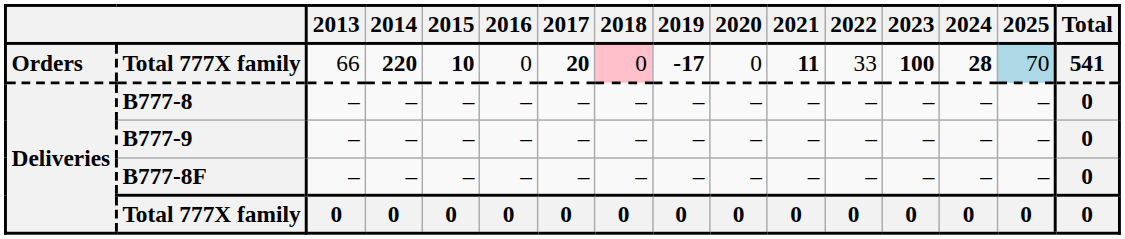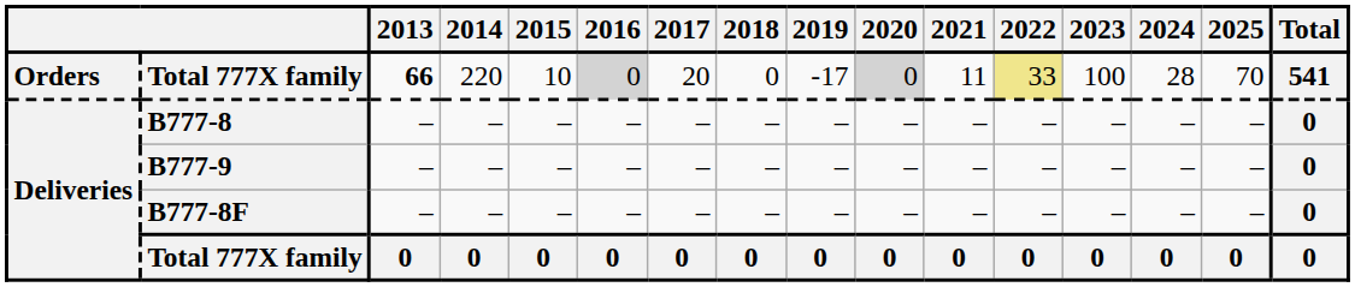 <table class="wikitable" style="margin:1em 1em 1em 300; border:1px #aaa solid; text-align:right;">
 <tr style="font-weight:bold; padding:0.4em;text-align:center;">
 <th style="border-left:solid 2px black;border-top:solid 2px black;border-right:solid 2px black;border-bottom:solid 2px black" colspan="2"></th>
 <th style="border-top:solid 2px black;border-bottom:solid 2px black">2013</th>
 <th style="border-top:solid 2px black;border-bottom:solid 2px black">2014</th>
 <th style="border-top:solid 2px black;border-bottom:solid 2px black">2015</th>
 <th style="border-top:solid 2px black;border-bottom:solid 2px black">2016</th>
 <th style="border-top:solid 2px black;border-bottom:solid 2px black">2017</th>
 <th style="border-top:solid 2px black;border-bottom:solid 2px black">2018</th>
 <th style="border-top:solid 2px black;border-bottom:solid 2px black">2019</th>
 <th style="border-top:solid 2px black;border-bottom:solid 2px black">2020</th>
 <th style="border-top:solid 2px black;border-bottom:solid 2px black">2021</th>
 <th style="border-top:solid 2px black;border-bottom:solid 2px black">2022</th>
 <th style="border-top:solid 2px black;border-bottom:solid 2px black">2023</th>
 <th style="border-top:solid 2px black;border-bottom:solid 2px black">2024</th>
 <th style="border-top:solid 2px black;border-bottom:solid 2px black">2025</th>
 <th style="border-left:solid 2px black;border-top:solid 2px black;border-right:solid 2px black;border-bottom:solid 2px black">Total</th>
 </tr>
 <tr>
 <th style="border-left:solid 2px black;text-align:left;border-bottom:dashed 2px black;">Orders</th>
 <th style="text-align:left;border-right:solid 2px black;border-left:dashed 2px black;border-bottom:dashed 2px black;">Total 777X family</th>
-<td style="border-bottom:dashed 2px black;">66</td>
-<td style="border-bottom:dashed 2px black;"><strong>220</strong></td>
-<td style="border-bottom:dashed 2px black;"><strong>10</strong></td>
+<td style="border-bottom:dashed 2px black;"><strong>66</strong></td>
+<td style="border-bottom:dashed 2px black;">220</td>
+<td style="border-bottom:dashed 2px black;">10</td>
+<td style="background: lightgrey; border-bottom:dashed 2px black;">0</td>
+<td style="border-bottom:dashed 2px black;">20</td>
 <td style="border-bottom:dashed 2px black;">0</td>
-<td style="border-bottom:dashed 2px black;"><strong>20</strong></td>
-<td style="background: pink; border-bottom:dashed 2px black;">0</td>
-<td style="border-bottom:dashed 2px black;"><strong>-17</strong></td>
-<td style="border-bottom:dashed 2px black;">0</td>
-<td style="border-bottom:dashed 2px black;"><strong>11</strong></td>
-<td style="border-bottom:dashed 2px black;">33</td>
-<td style="border-bottom:dashed 2px black;"><strong>100</strong></td>
-<td style="border-bottom:dashed 2px black;"><strong>28</strong></td>
-<td style="background: lightblue; border-bottom:dashed 2px black;">70</td>
+<td style="border-bottom:dashed 2px black;">-17</td>
+<td style="background: lightgrey; border-bottom:dashed 2px black;">0</td>
+<td style="border-bottom:dashed 2px black;">11</td>
+<td style="background: khaki; border-bottom:dashed 2px black;">33</td>
+<td style="border-bottom:dashed 2px black;">100</td>
+<td style="border-bottom:dashed 2px black;">28</td>
+<td style="border-bottom:dashed 2px black;">70</td>
 <th style="border-bottom:dashed 2px black;border-right:solid 2px black;border-left:solid 2px black">541</th>
 </tr>
 <tr>
 <th rowspan="4" ! style="border-left:solid 2px black;border-bottom:solid 2px black ; text-align:left;">Deliveries</th>
 <th style="text-align:left;border-right:solid 2px black;border-left:dashed 2px black;">B777-8</th>
 <td>–</td>
 <td>–</td>
 <td>–</td>
 <td>–</td>
 <td>–</td>
 <td>–</td>
 <td>–</td>
 <td>–</td>
 <td>–</td>
 <td>–</td>
 <td>–</td>
 <td>–</td>
 <td>–</td>
 <th style="border-right:solid 2px black;border-left:solid 2px black">0</th>
 </tr>
 <tr>
 <th style="text-align:left;border-right:solid 2px black;border-left:dashed 2px black;">B777-9</th>
 <td>–</td>
 <td>–</td>
 <td>–</td>
 <td>–</td>
 <td>–</td>
 <td>–</td>
 <td>–</td>
 <td>–</td>
 <td>–</td>
 <td>–</td>
 <td>–</td>
 <td>–</td>
 <td>–</td>
 <th style="border-right:solid 2px black;border-left:solid 2px black">0</th>
 </tr>
 <tr>
 <th style="text-align:left; border-right:solid 2px black;border-left:dashed 2px black;">B777-8F</th>
 <td>–</td>
 <td>–</td>
 <td>–</td>
 <td>–</td>
 <td>–</td>
 <td>–</td>
 <td>–</td>
 <td>–</td>
 <td>–</td>
 <td>–</td>
 <td>–</td>
 <td>–</td>
 <td>–</td>
 <th style="border-right:solid 2px black;border-left:solid 2px black">0</th>
 </tr>
 <tr>
 <th style="border-right:solid 2px black; border-bottom:solid 2px black;border-top:solid 2px black;border-left:dashed 2px black ;text-align:left;">Total 777X family</th>
 <th style="border-top:solid 2px black;border-bottom:solid 2px black">0</th>
 <th style="border-top:solid 2px black;border-bottom:solid 2px black">0</th>
 <th style="border-top:solid 2px black;border-bottom:solid 2px black">0</th>
 <th style="border-top:solid 2px black;border-bottom:solid 2px black">0</th>
 <th style="border-top:solid 2px black;border-bottom:solid 2px black">0</th>
 <th style="border-top:solid 2px black;border-bottom:solid 2px black">0</th>
 <th style="border-top:solid 2px black;border-bottom:solid 2px black">0</th>
 <th style="border-top:solid 2px black;border-bottom:solid 2px black">0</th>
 <th style="border-top:solid 2px black;border-bottom:solid 2px black">0</th>
 <th style="border-top:solid 2px black;border-bottom:solid 2px black">0</th>
 <th style="border-top:solid 2px black;border-bottom:solid 2px black">0</th>
 <th style="border-top:solid 2px black;border-bottom:solid 2px black">0</th>
 <th style="border-top:solid 2px black;border-bottom:solid 2px black">0</th>
 <th style="border-left:solid 2px black;border-top:solid 2px black;border-right:solid 2px black;border-bottom:solid 2px black">0</th>
 </tr>
 </table>
